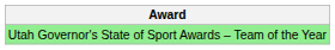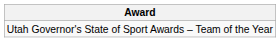 <table class="wikitable" style="font-size: 95%; text-align: left;">
 <tr>
 <th>Award</th>
 </tr>
 <tr>
-<td style="background: lightgreen;">Utah Governor's State of Sport Awards – Team of the Year</td>
+<td>Utah Governor's State of Sport Awards – Team of the Year</td>
 </tr>
 </table>
